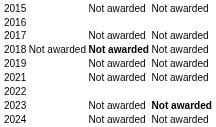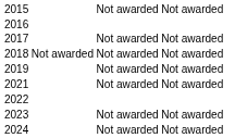 <table>
 <tr>
 <td align="center">2015</td>
 <td></td>
 <td>Not awarded</td>
 <td>Not awarded</td>
 </tr>
 <tr>
 <td align="center">2016</td>
 <td></td>
 <td></td>
 <td></td>
 </tr>
 <tr>
 <td align="center">2017</td>
 <td></td>
 <td>Not awarded</td>
 <td>Not awarded</td>
 </tr>
 <tr>
 <td align="center">2018</td>
 <td>Not awarded</td>
-<td><strong>Not awarded</strong></td>
+<td>Not awarded</td>
 <td>Not awarded</td>
 </tr>
 <tr>
 <td align="center">2019</td>
 <td></td>
 <td>Not awarded</td>
 <td>Not awarded</td>
 </tr>
 <tr>
 <td align="center">2021</td>
 <td></td>
 <td>Not awarded</td>
 <td>Not awarded</td>
 </tr>
 <tr>
 <td align="center">2022</td>
 <td></td>
 <td></td>
 <td></td>
 </tr>
 <tr>
 <td align="center">2023</td>
 <td></td>
 <td>Not awarded</td>
-<td><strong>Not awarded</strong></td>
+<td>Not awarded</td>
 </tr>
 <tr>
 <td align="center">2024</td>
 <td></td>
 <td>Not awarded</td>
 <td>Not awarded</td>
 </tr>
 </table>
